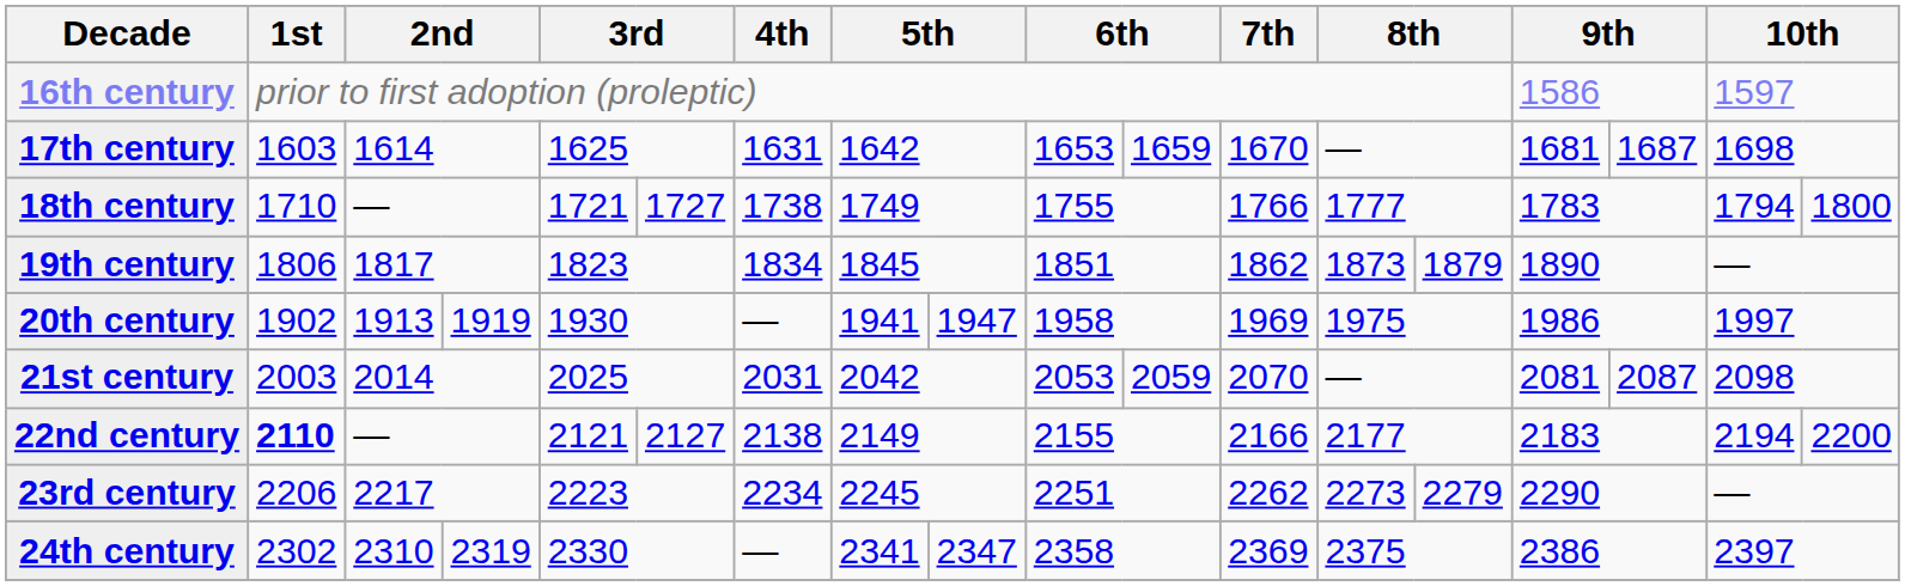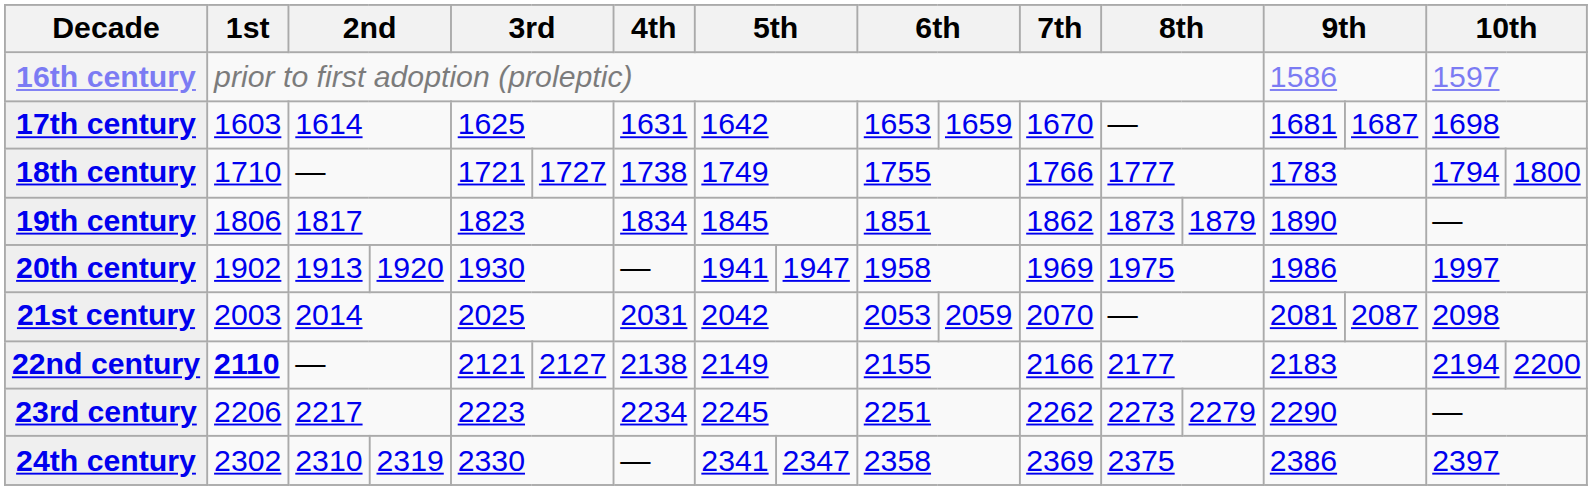 <table class="wikitable">
 <tr>
 <th scope=row>Decade</th>
 <th>1st</th>
 <th colspan=2>2nd</th>
 <th colspan=2>3rd</th>
 <th>4th</th>
 <th colspan=2>5th</th>
 <th colspan=2>6th</th>
 <th>7th</th>
 <th colspan=2>8th</th>
 <th colspan=2>9th</th>
 <th colspan=2>10th</th>
 </tr>
 <tr style="opacity: 0.5;">
 <th style="background-color:#efefef;"><a href='#'>16th century</a></th>
 <td colspan=13><em>prior to first adoption (proleptic)</em></td>
 <td colspan=2><a href='#'>1586</a></td>
 <td colspan=2><a href='#'>1597</a></td>
 </tr>
 <tr>
 <th style="background-color:#efefef;"><a href='#'>17th century</a></th>
 <td><a href='#'>1603</a></td>
 <td colspan=2><a href='#'>1614</a></td>
 <td colspan=2><a href='#'>1625</a></td>
 <td><a href='#'>1631</a></td>
 <td colspan=2><a href='#'>1642</a></td>
 <td><a href='#'>1653</a></td>
 <td><a href='#'>1659</a></td>
 <td><a href='#'>1670</a></td>
 <td colspan=2>—</td>
 <td><a href='#'>1681</a></td>
 <td><a href='#'>1687</a></td>
 <td colspan=2><a href='#'>1698</a></td>
 </tr>
 <tr>
 <th style="background-color:#efefef;"><a href='#'>18th century</a></th>
 <td><a href='#'>1710</a></td>
 <td colspan=2>—</td>
 <td><a href='#'>1721</a></td>
 <td><a href='#'>1727</a></td>
 <td><a href='#'>1738</a></td>
 <td colspan=2><a href='#'>1749</a></td>
 <td colspan=2><a href='#'>1755</a></td>
 <td><a href='#'>1766</a></td>
 <td colspan=2><a href='#'>1777</a></td>
 <td colspan=2><a href='#'>1783</a></td>
 <td><a href='#'>1794</a></td>
 <td><a href='#'>1800</a></td>
 </tr>
 <tr>
 <th style="background-color:#efefef;"><a href='#'>19th century</a></th>
 <td><a href='#'>1806</a></td>
 <td colspan=2><a href='#'>1817</a></td>
 <td colspan=2><a href='#'>1823</a></td>
 <td><a href='#'>1834</a></td>
 <td colspan=2><a href='#'>1845</a></td>
 <td colspan=2><a href='#'>1851</a></td>
 <td><a href='#'>1862</a></td>
 <td><a href='#'>1873</a></td>
 <td><a href='#'>1879</a></td>
 <td colspan=2><a href='#'>1890</a></td>
 <td colspan=2>—</td>
 </tr>
 <tr>
 <th style="background-color:#efefef;"><a href='#'>20th century</a></th>
 <td><a href='#'>1902</a></td>
 <td><a href='#'>1913</a></td>
-<td><a href='#'>1919</a></td>
+<td><a href='#'>1920</a></td>
 <td colspan=2><a href='#'>1930</a></td>
 <td>—</td>
 <td><a href='#'>1941</a></td>
 <td><a href='#'>1947</a></td>
 <td colspan=2><a href='#'>1958</a></td>
 <td><a href='#'>1969</a></td>
 <td colspan=2><a href='#'>1975</a></td>
 <td colspan=2><a href='#'>1986</a></td>
 <td colspan=2><a href='#'>1997</a></td>
 </tr>
 <tr>
 <th style="background-color:#efefef;"><a href='#'>21st century</a></th>
 <td><a href='#'>2003</a></td>
 <td colspan=2><a href='#'>2014</a></td>
 <td colspan=2><a href='#'>2025</a></td>
 <td><a href='#'>2031</a></td>
 <td colspan=2><a href='#'>2042</a></td>
 <td><a href='#'>2053</a></td>
 <td><a href='#'>2059</a></td>
 <td><a href='#'>2070</a></td>
 <td colspan=2>—</td>
 <td><a href='#'>2081</a></td>
 <td><a href='#'>2087</a></td>
 <td colspan=2><a href='#'>2098</a></td>
 </tr>
 <tr>
 <th style="background-color:#efefef;"><a href='#'>22nd century</a></th>
 <td><strong><a href='#'>2110</a></strong></td>
 <td colspan=2>—</td>
 <td><a href='#'>2121</a></td>
 <td><a href='#'>2127</a></td>
 <td><a href='#'>2138</a></td>
 <td colspan=2><a href='#'>2149</a></td>
 <td colspan=2><a href='#'>2155</a></td>
 <td><a href='#'>2166</a></td>
 <td colspan=2><a href='#'>2177</a></td>
 <td colspan=2><a href='#'>2183</a></td>
 <td><a href='#'>2194</a></td>
 <td><a href='#'>2200</a></td>
 </tr>
 <tr>
 <th style="background-color:#efefef;"><a href='#'>23rd century</a></th>
 <td><a href='#'>2206</a></td>
 <td colspan=2><a href='#'>2217</a></td>
 <td colspan=2><a href='#'>2223</a></td>
 <td><a href='#'>2234</a></td>
 <td colspan=2><a href='#'>2245</a></td>
 <td colspan=2><a href='#'>2251</a></td>
 <td><a href='#'>2262</a></td>
 <td><a href='#'>2273</a></td>
 <td><a href='#'>2279</a></td>
 <td colspan=2><a href='#'>2290</a></td>
 <td colspan=2>—</td>
 </tr>
 <tr>
 <th style="background-color:#efefef;"><a href='#'>24th century</a></th>
 <td><a href='#'>2302</a></td>
 <td><a href='#'>2310</a></td>
 <td><a href='#'>2319</a></td>
 <td colspan=2><a href='#'>2330</a></td>
 <td>—</td>
 <td><a href='#'>2341</a></td>
 <td><a href='#'>2347</a></td>
 <td colspan=2><a href='#'>2358</a></td>
 <td><a href='#'>2369</a></td>
 <td colspan=2><a href='#'>2375</a></td>
 <td colspan=2><a href='#'>2386</a></td>
 <td colspan=2><a href='#'>2397</a></td>
 </tr>
 </table>
